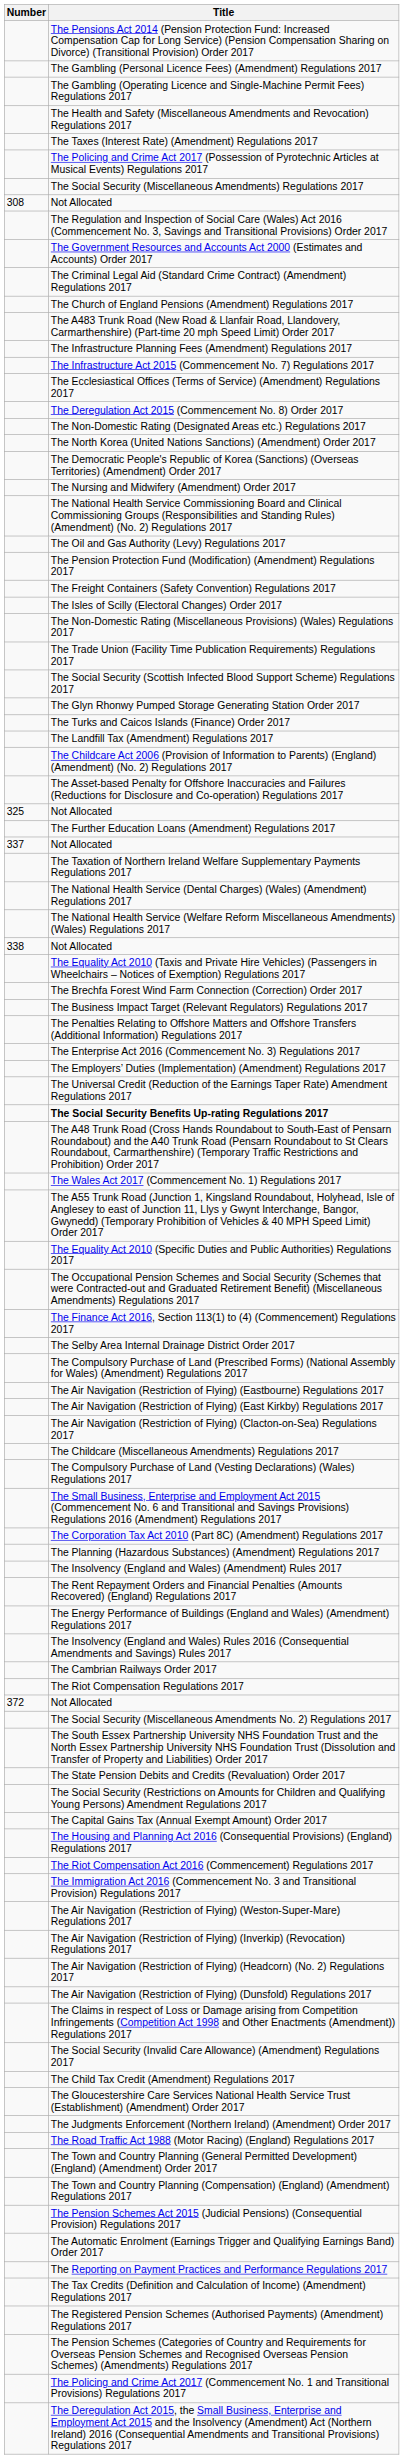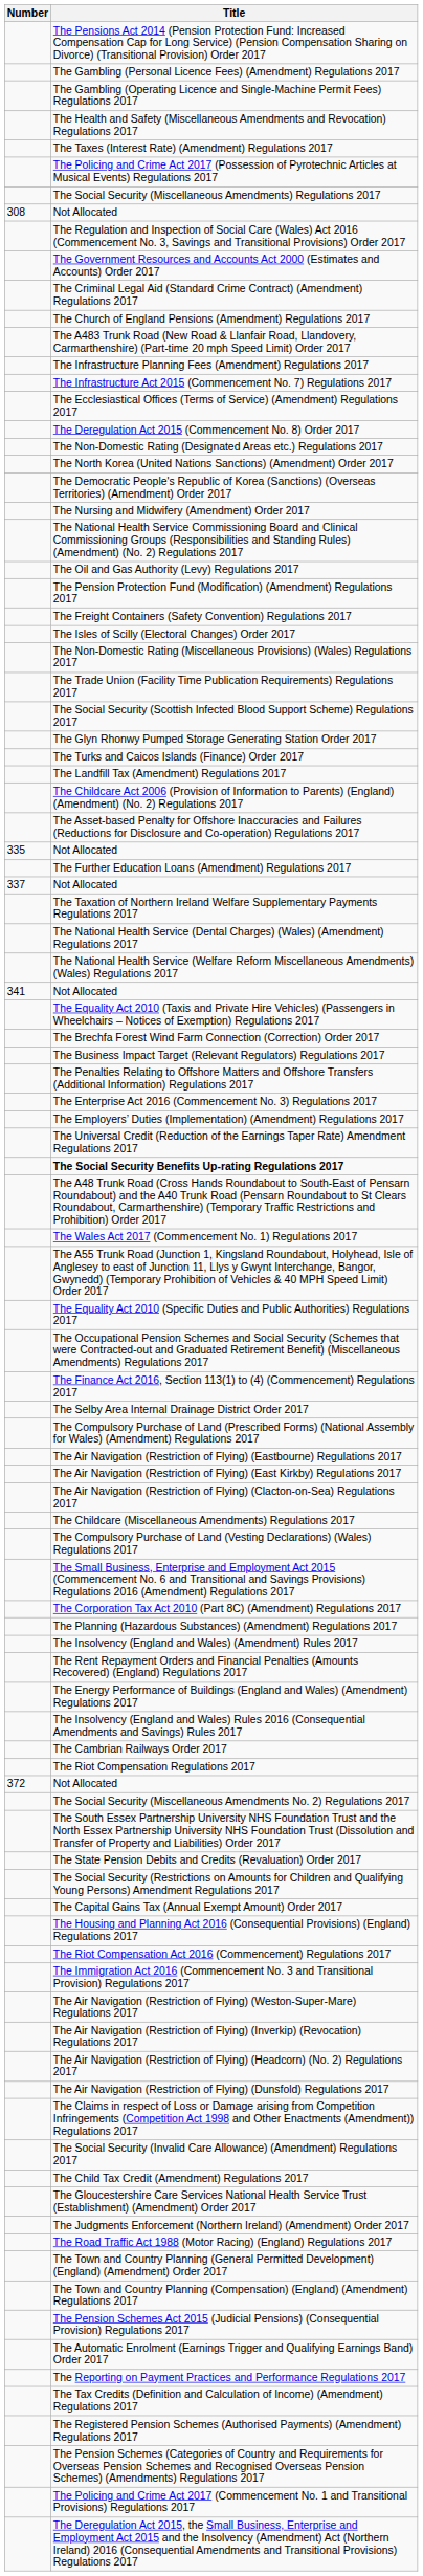 <table class="wikitable collapsible">
 <tr>
 <th>Number</th>
 <th>Title</th>
 </tr>
 <tr>
 <td></td>
 <td><a href='#'>The Pensions Act 2014</a> (Pension Protection Fund: Increased Compensation Cap for Long Service) (Pension Compensation Sharing on Divorce) (Transitional Provision) Order 2017</td>
 </tr>
 <tr>
 <td></td>
 <td>The Gambling (Personal Licence Fees) (Amendment) Regulations 2017</td>
 </tr>
 <tr>
 <td></td>
 <td>The Gambling (Operating Licence and Single-Machine Permit Fees) Regulations 2017</td>
 </tr>
 <tr>
 <td></td>
 <td>The Health and Safety (Miscellaneous Amendments and Revocation) Regulations 2017</td>
 </tr>
 <tr>
 <td></td>
 <td>The Taxes (Interest Rate) (Amendment) Regulations 2017</td>
 </tr>
 <tr>
 <td></td>
 <td><a href='#'>The Policing and Crime Act 2017</a> (Possession of Pyrotechnic Articles at Musical Events) Regulations 2017</td>
 </tr>
 <tr>
 <td></td>
 <td>The Social Security (Miscellaneous Amendments) Regulations 2017</td>
 </tr>
 <tr>
 <td>308</td>
 <td>Not Allocated</td>
 </tr>
 <tr>
 <td></td>
 <td>The Regulation and Inspection of Social Care (Wales) Act 2016 (Commencement No. 3, Savings and Transitional Provisions) Order 2017</td>
 </tr>
 <tr>
 <td></td>
 <td><a href='#'>The Government Resources and Accounts Act 2000</a> (Estimates and Accounts) Order 2017</td>
 </tr>
 <tr>
 <td></td>
 <td>The Criminal Legal Aid (Standard Crime Contract) (Amendment) Regulations 2017</td>
 </tr>
 <tr>
 <td></td>
 <td>The Church of England Pensions (Amendment) Regulations 2017</td>
 </tr>
 <tr>
 <td></td>
 <td>The A483 Trunk Road (New Road & Llanfair Road, Llandovery, Carmarthenshire) (Part-time 20 mph Speed Limit) Order 2017</td>
 </tr>
 <tr>
 <td></td>
 <td>The Infrastructure Planning Fees (Amendment) Regulations 2017</td>
 </tr>
 <tr>
 <td></td>
 <td><a href='#'>The Infrastructure Act 2015</a> (Commencement No. 7) Regulations 2017</td>
 </tr>
 <tr>
 <td></td>
 <td>The Ecclesiastical Offices (Terms of Service) (Amendment) Regulations 2017</td>
 </tr>
 <tr>
 <td></td>
 <td><a href='#'>The Deregulation Act 2015</a> (Commencement No. 8) Order 2017</td>
 </tr>
 <tr>
 <td></td>
 <td>The Non-Domestic Rating (Designated Areas etc.) Regulations 2017</td>
 </tr>
 <tr>
 <td></td>
 <td>The North Korea (United Nations Sanctions) (Amendment) Order 2017</td>
 </tr>
 <tr>
 <td></td>
 <td>The Democratic People's Republic of Korea (Sanctions) (Overseas Territories) (Amendment) Order 2017</td>
 </tr>
 <tr>
 <td></td>
 <td>The Nursing and Midwifery (Amendment) Order 2017</td>
 </tr>
 <tr>
 <td></td>
 <td>The National Health Service Commissioning Board and Clinical Commissioning Groups (Responsibilities and Standing Rules) (Amendment) (No. 2) Regulations 2017</td>
 </tr>
 <tr>
 <td></td>
 <td>The Oil and Gas Authority (Levy) Regulations 2017</td>
 </tr>
 <tr>
 <td></td>
 <td>The Pension Protection Fund (Modification) (Amendment) Regulations 2017</td>
 </tr>
 <tr>
 <td></td>
 <td>The Freight Containers (Safety Convention) Regulations 2017</td>
 </tr>
 <tr>
 <td></td>
 <td>The Isles of Scilly (Electoral Changes) Order 2017</td>
 </tr>
 <tr>
 <td></td>
 <td>The Non-Domestic Rating (Miscellaneous Provisions) (Wales) Regulations 2017</td>
 </tr>
 <tr>
 <td></td>
 <td>The Trade Union (Facility Time Publication Requirements) Regulations 2017</td>
 </tr>
 <tr>
 <td></td>
 <td>The Social Security (Scottish Infected Blood Support Scheme) Regulations 2017</td>
 </tr>
 <tr>
 <td></td>
 <td>The Glyn Rhonwy Pumped Storage Generating Station Order 2017</td>
 </tr>
 <tr>
 <td></td>
 <td>The Turks and Caicos Islands (Finance) Order 2017</td>
 </tr>
 <tr>
 <td></td>
 <td>The Landfill Tax (Amendment) Regulations 2017</td>
 </tr>
 <tr>
 <td></td>
 <td><a href='#'>The Childcare Act 2006</a> (Provision of Information to Parents) (England) (Amendment) (No. 2) Regulations 2017</td>
 </tr>
 <tr>
 <td></td>
 <td>The Asset-based Penalty for Offshore Inaccuracies and Failures (Reductions for Disclosure and Co-operation) Regulations 2017</td>
 </tr>
 <tr>
-<td>325</td>
+<td>335</td>
 <td>Not Allocated</td>
 </tr>
 <tr>
 <td></td>
 <td>The Further Education Loans (Amendment) Regulations 2017</td>
 </tr>
 <tr>
 <td>337</td>
 <td>Not Allocated</td>
 </tr>
 <tr>
 <td></td>
 <td>The Taxation of Northern Ireland Welfare Supplementary Payments Regulations 2017</td>
 </tr>
 <tr>
 <td></td>
 <td>The National Health Service (Dental Charges) (Wales) (Amendment) Regulations 2017</td>
 </tr>
 <tr>
 <td></td>
 <td>The National Health Service (Welfare Reform Miscellaneous Amendments) (Wales) Regulations 2017</td>
 </tr>
 <tr>
-<td>338</td>
+<td>341</td>
 <td>Not Allocated</td>
 </tr>
 <tr>
 <td></td>
 <td><a href='#'>The Equality Act 2010</a> (Taxis and Private Hire Vehicles) (Passengers in Wheelchairs – Notices of Exemption) Regulations 2017</td>
 </tr>
 <tr>
 <td></td>
 <td>The Brechfa Forest Wind Farm Connection (Correction) Order 2017</td>
 </tr>
 <tr>
 <td></td>
 <td>The Business Impact Target (Relevant Regulators) Regulations 2017</td>
 </tr>
 <tr>
 <td></td>
 <td>The Penalties Relating to Offshore Matters and Offshore Transfers (Additional Information) Regulations 2017</td>
 </tr>
 <tr>
 <td></td>
 <td>The Enterprise Act 2016 (Commencement No. 3) Regulations 2017</td>
 </tr>
 <tr>
 <td></td>
 <td>The Employers’ Duties (Implementation) (Amendment) Regulations 2017</td>
 </tr>
 <tr>
 <td></td>
 <td>The Universal Credit (Reduction of the Earnings Taper Rate) Amendment Regulations 2017</td>
 </tr>
 <tr>
 <td></td>
 <td><strong>The Social Security Benefits Up-rating Regulations 2017</strong></td>
 </tr>
 <tr>
 <td></td>
 <td>The A48 Trunk Road (Cross Hands Roundabout to South-East of Pensarn Roundabout) and the A40 Trunk Road (Pensarn Roundabout to St Clears Roundabout, Carmarthenshire) (Temporary Traffic Restrictions and Prohibition) Order 2017</td>
 </tr>
 <tr>
 <td></td>
 <td><a href='#'>The Wales Act 2017</a> (Commencement No. 1) Regulations 2017</td>
 </tr>
 <tr>
 <td></td>
 <td>The A55 Trunk Road (Junction 1, Kingsland Roundabout, Holyhead, Isle of Anglesey to east of Junction 11, Llys y Gwynt Interchange, Bangor, Gwynedd) (Temporary Prohibition of Vehicles & 40 MPH Speed Limit) Order 2017</td>
 </tr>
 <tr>
 <td></td>
 <td><a href='#'>The Equality Act 2010</a> (Specific Duties and Public Authorities) Regulations 2017</td>
 </tr>
 <tr>
 <td></td>
 <td>The Occupational Pension Schemes and Social Security (Schemes that were Contracted-out and Graduated Retirement Benefit) (Miscellaneous Amendments) Regulations 2017</td>
 </tr>
 <tr>
 <td></td>
 <td><a href='#'>The Finance Act 2016</a>, Section 113(1) to (4) (Commencement) Regulations 2017</td>
 </tr>
 <tr>
 <td></td>
 <td>The Selby Area Internal Drainage District Order 2017</td>
 </tr>
 <tr>
 <td></td>
 <td>The Compulsory Purchase of Land (Prescribed Forms) (National Assembly for Wales) (Amendment) Regulations 2017</td>
 </tr>
 <tr>
 <td></td>
 <td>The Air Navigation (Restriction of Flying) (Eastbourne) Regulations 2017</td>
 </tr>
 <tr>
 <td></td>
 <td>The Air Navigation (Restriction of Flying) (East Kirkby) Regulations 2017</td>
 </tr>
 <tr>
 <td></td>
 <td>The Air Navigation (Restriction of Flying) (Clacton-on-Sea) Regulations 2017</td>
 </tr>
 <tr>
 <td></td>
 <td>The Childcare (Miscellaneous Amendments) Regulations 2017</td>
 </tr>
 <tr>
 <td></td>
 <td>The Compulsory Purchase of Land (Vesting Declarations) (Wales) Regulations 2017</td>
 </tr>
 <tr>
 <td></td>
 <td><a href='#'>The Small Business, Enterprise and Employment Act 2015</a> (Commencement No. 6 and Transitional and Savings Provisions) Regulations 2016 (Amendment) Regulations 2017</td>
 </tr>
 <tr>
 <td></td>
 <td><a href='#'>The Corporation Tax Act 2010</a> (Part 8C) (Amendment) Regulations 2017</td>
 </tr>
 <tr>
 <td></td>
 <td>The Planning (Hazardous Substances) (Amendment) Regulations 2017</td>
 </tr>
 <tr>
 <td></td>
 <td>The Insolvency (England and Wales) (Amendment) Rules 2017</td>
 </tr>
 <tr>
 <td></td>
 <td>The Rent Repayment Orders and Financial Penalties (Amounts Recovered) (England) Regulations 2017</td>
 </tr>
 <tr>
 <td></td>
 <td>The Energy Performance of Buildings (England and Wales) (Amendment) Regulations 2017</td>
 </tr>
 <tr>
 <td></td>
 <td>The Insolvency (England and Wales) Rules 2016 (Consequential Amendments and Savings) Rules 2017</td>
 </tr>
 <tr>
 <td></td>
 <td>The Cambrian Railways Order 2017</td>
 </tr>
 <tr>
 <td></td>
 <td>The Riot Compensation Regulations 2017</td>
 </tr>
 <tr>
 <td>372</td>
 <td>Not Allocated</td>
 </tr>
 <tr>
 <td></td>
 <td>The Social Security (Miscellaneous Amendments No. 2) Regulations 2017</td>
 </tr>
 <tr>
 <td></td>
 <td>The South Essex Partnership University NHS Foundation Trust and the North Essex Partnership University NHS Foundation Trust (Dissolution and Transfer of Property and Liabilities) Order 2017</td>
 </tr>
 <tr>
 <td></td>
 <td>The State Pension Debits and Credits (Revaluation) Order 2017</td>
 </tr>
 <tr>
 <td></td>
 <td>The Social Security (Restrictions on Amounts for Children and Qualifying Young Persons) Amendment Regulations 2017</td>
 </tr>
 <tr>
 <td></td>
 <td>The Capital Gains Tax (Annual Exempt Amount) Order 2017</td>
 </tr>
 <tr>
 <td></td>
 <td><a href='#'>The Housing and Planning Act 2016</a> (Consequential Provisions) (England) Regulations 2017</td>
 </tr>
 <tr>
 <td></td>
 <td><a href='#'>The Riot Compensation Act 2016</a> (Commencement) Regulations 2017</td>
 </tr>
 <tr>
 <td></td>
 <td><a href='#'>The Immigration Act 2016</a> (Commencement No. 3 and Transitional Provision) Regulations 2017</td>
 </tr>
 <tr>
 <td></td>
 <td>The Air Navigation (Restriction of Flying) (Weston-Super-Mare) Regulations 2017</td>
 </tr>
 <tr>
 <td></td>
 <td>The Air Navigation (Restriction of Flying) (Inverkip) (Revocation) Regulations 2017</td>
 </tr>
 <tr>
 <td></td>
 <td>The Air Navigation (Restriction of Flying) (Headcorn) (No. 2) Regulations 2017</td>
 </tr>
 <tr>
 <td></td>
 <td>The Air Navigation (Restriction of Flying) (Dunsfold) Regulations 2017</td>
 </tr>
 <tr>
 <td></td>
 <td>The Claims in respect of Loss or Damage arising from Competition Infringements (<a href='#'>Competition Act 1998</a> and Other Enactments (Amendment)) Regulations 2017</td>
 </tr>
 <tr>
 <td></td>
 <td>The Social Security (Invalid Care Allowance) (Amendment) Regulations 2017</td>
 </tr>
 <tr>
 <td></td>
 <td>The Child Tax Credit (Amendment) Regulations 2017</td>
 </tr>
 <tr>
 <td></td>
 <td>The Gloucestershire Care Services National Health Service Trust (Establishment) (Amendment) Order 2017</td>
 </tr>
 <tr>
 <td></td>
 <td>The Judgments Enforcement (Northern Ireland) (Amendment) Order 2017</td>
 </tr>
 <tr>
 <td></td>
 <td><a href='#'>The Road Traffic Act 1988</a> (Motor Racing) (England) Regulations 2017</td>
 </tr>
 <tr>
 <td></td>
 <td>The Town and Country Planning (General Permitted Development) (England) (Amendment) Order 2017</td>
 </tr>
 <tr>
 <td></td>
 <td>The Town and Country Planning (Compensation) (England) (Amendment) Regulations 2017</td>
 </tr>
 <tr>
 <td></td>
 <td><a href='#'>The Pension Schemes Act 2015</a> (Judicial Pensions) (Consequential Provision) Regulations 2017</td>
 </tr>
 <tr>
 <td></td>
 <td>The Automatic Enrolment (Earnings Trigger and Qualifying Earnings Band) Order 2017</td>
 </tr>
 <tr>
 <td></td>
 <td>The <a href='#'>Reporting on Payment Practices and Performance Regulations 2017</a></td>
 </tr>
 <tr>
 <td></td>
 <td>The Tax Credits (Definition and Calculation of Income) (Amendment) Regulations 2017</td>
 </tr>
 <tr>
 <td></td>
 <td>The Registered Pension Schemes (Authorised Payments) (Amendment) Regulations 2017</td>
 </tr>
 <tr>
 <td></td>
 <td>The Pension Schemes (Categories of Country and Requirements for Overseas Pension Schemes and Recognised Overseas Pension Schemes) (Amendments) Regulations 2017</td>
 </tr>
 <tr>
 <td></td>
 <td><a href='#'>The Policing and Crime Act 2017</a> (Commencement No. 1 and Transitional Provisions) Regulations 2017</td>
 </tr>
 <tr>
 <td></td>
 <td><a href='#'>The Deregulation Act 2015</a>, the <a href='#'>Small Business, Enterprise and Employment Act 2015</a> and the Insolvency (Amendment) Act (Northern Ireland) 2016 (Consequential Amendments and Transitional Provisions) Regulations 2017</td>
 </tr>
 </table>
